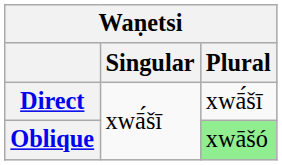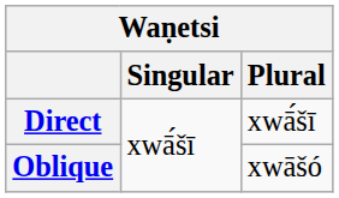 <table class="wikitable">
 <tr>
 <th colspan="3">Waṇetsi</th>
 </tr>
 <tr>
 <th></th>
 <th>Singular</th>
 <th>Plural</th>
 </tr>
 <tr>
 <th><strong><a href='#'>Direct</a></strong></th>
 <td rowspan="2">xwā́šī</td>
 <td>xwā́šī</td>
 </tr>
 <tr>
 <th><strong><a href='#'>Oblique</a></strong></th>
-<td style="background: lightgreen;">xwāšó</td>
+<td>xwāšó</td>
 </tr>
 </table>
